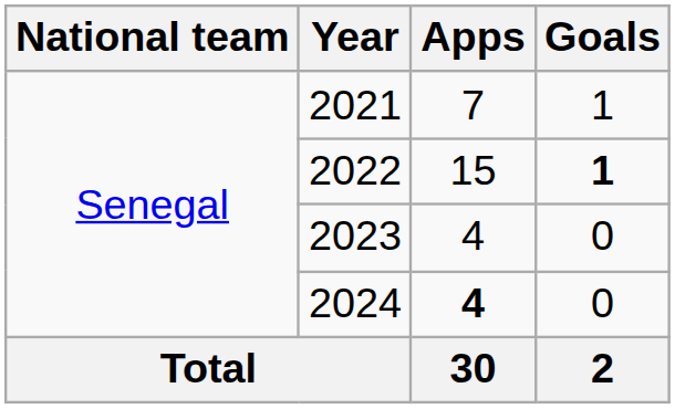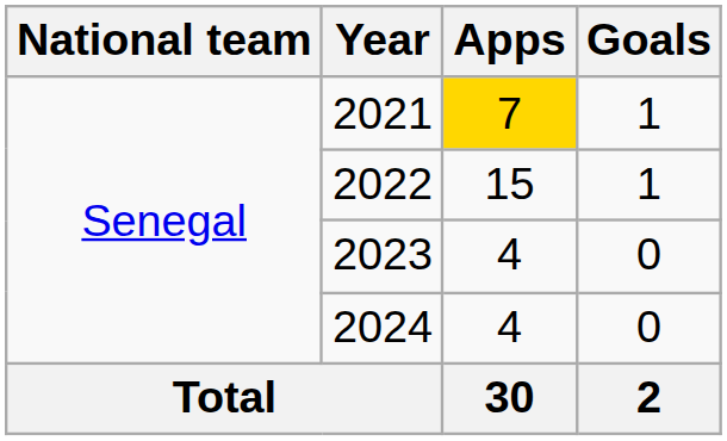 <table class="wikitable" style="text-align:center">
 <tr>
 <th>National team</th>
 <th>Year</th>
 <th>Apps</th>
 <th>Goals</th>
 </tr>
 <tr>
 <td rowspan=4><a href='#'>Senegal</a></td>
 <td>2021</td>
-<td>7</td>
+<td style="background: gold;">7</td>
 <td>1</td>
 </tr>
 <tr>
 <td>2022</td>
 <td>15</td>
-<td><strong>1</strong></td>
+<td>1</td>
 </tr>
 <tr>
 <td>2023</td>
 <td>4</td>
 <td>0</td>
 </tr>
 <tr>
 <td>2024</td>
-<td><strong>4</strong></td>
+<td>4</td>
 <td>0</td>
 </tr>
 <tr>
 <th colspan=2>Total</th>
 <th>30</th>
 <th>2</th>
 </tr>
 </table>
